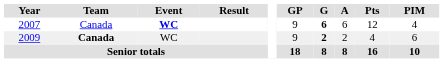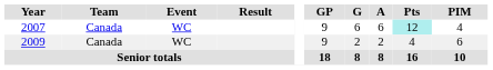 <table border="0" cellpadding="1" cellspacing="0" style="text-align:center; width:40em">
 <tr ALIGN="center" bgcolor="#e0e0e0">
 <th>Year</th>
 <th>Team</th>
 <th>Event</th>
 <th>Result</th>
 <th rowspan="99" bgcolor="#ffffff"> </th>
 <th>GP</th>
 <th>G</th>
 <th>A</th>
 <th>Pts</th>
 <th>PIM</th>
 </tr>
 <tr>
 <td><a href='#'>2007</a></td>
 <td><a href='#'>Canada</a></td>
-<td><strong><a href='#'>WC</a></strong></td>
+<td><a href='#'>WC</a></td>
 <td></td>
 <td>9</td>
-<td><strong>6</strong></td>
 <td>6</td>
-<td>12</td>
+<td>6</td>
+<td style="background: paleturquoise;">12</td>
 <td>4</td>
 </tr>
 <tr bgcolor="#f0f0f0">
 <td><a href='#'>2009</a></td>
-<td><strong>Canada</strong></td>
+<td>Canada</td>
 <td>WC</td>
 <td></td>
 <td>9</td>
-<td><strong>2</strong></td>
+<td>2</td>
 <td>2</td>
 <td>4</td>
 <td>6</td>
 </tr>
 <tr bgcolor="#e0e0e0">
 <th colspan="4">Senior totals</th>
 <th>18</th>
 <th>8</th>
 <th>8</th>
 <th>16</th>
 <th>10</th>
 </tr>
 </table>
